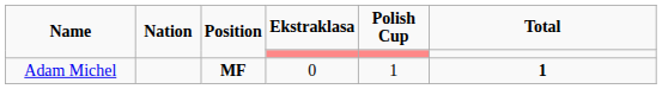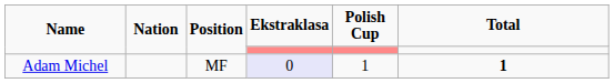 <table class="wikitable" style="font-size: 100%; text-align: center;">
 <tr>
 <td rowspan="2" width="20%" align="center"><strong>Name</strong></td>
 <td rowspan="2" width="10%" align="center"><strong>Nation</strong></td>
 <td rowspan="2" width="10%" align="center"><strong>Position</strong></td>
 <td colspan="1" align="center"><strong>Ekstraklasa</strong></td>
 <td colspan="1" align="center"><strong>Polish Cup</strong></td>
 <td colspan="1" align="center"><strong>Total</strong></td>
 </tr>
 <tr>
 <th width=60 style="background: #FF8888"></th>
 <th width=60 style="background: #FF8888"></th>
 </tr>
 <tr>
 <td><a href='#'>Adam Michel</a></td>
 <td></td>
-<td><strong>MF</strong></td>
-<td>0</td>
+<td>MF</td>
+<td style="background: lavender;">0</td>
 <td>1</td>
 <td><strong>1</strong></td>
 </tr>
 </table>
